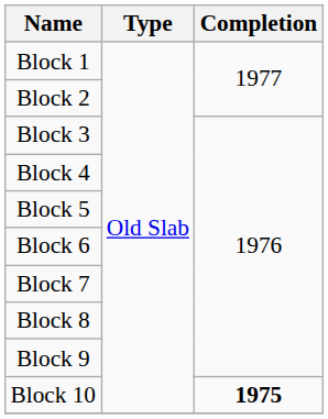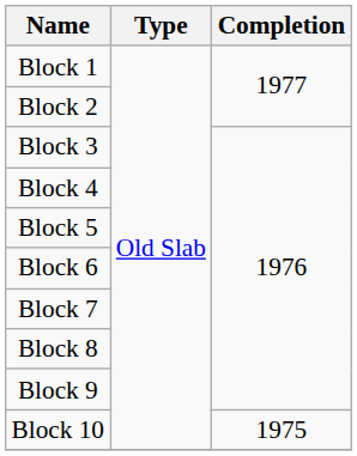 <table class="wikitable" style="text-align: center">
 <tr>
 <th>Name</th>
 <th>Type</th>
 <th>Completion</th>
 </tr>
 <tr>
 <td>Block 1</td>
 <td rowspan="10"><a href='#'>Old Slab</a></td>
 <td rowspan="2">1977</td>
 </tr>
 <tr>
 <td>Block 2</td>
 </tr>
 <tr>
 <td>Block 3</td>
 <td rowspan="7">1976</td>
 </tr>
 <tr>
 <td>Block 4</td>
 </tr>
 <tr>
 <td>Block 5</td>
 </tr>
 <tr>
 <td>Block 6</td>
 </tr>
 <tr>
 <td>Block 7</td>
 </tr>
 <tr>
 <td>Block 8</td>
 </tr>
 <tr>
 <td>Block 9</td>
 </tr>
 <tr>
 <td>Block 10</td>
-<td rowspan="1"><strong>1975</strong></td>
+<td rowspan="1">1975</td>
 </tr>
 <tr>
 </tr>
 </table>
